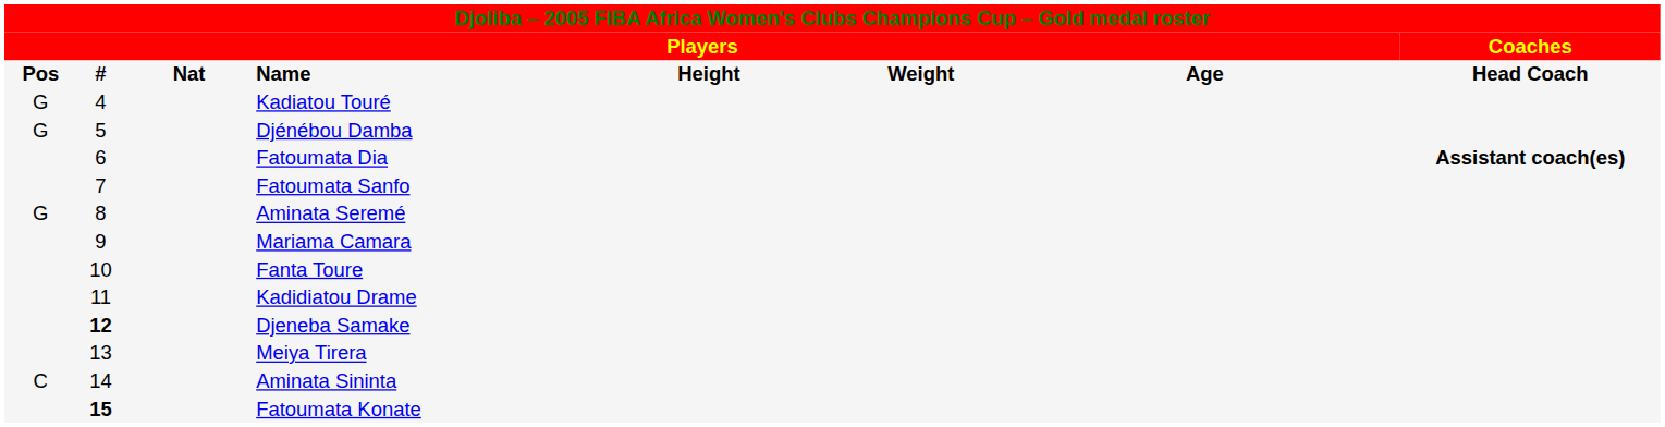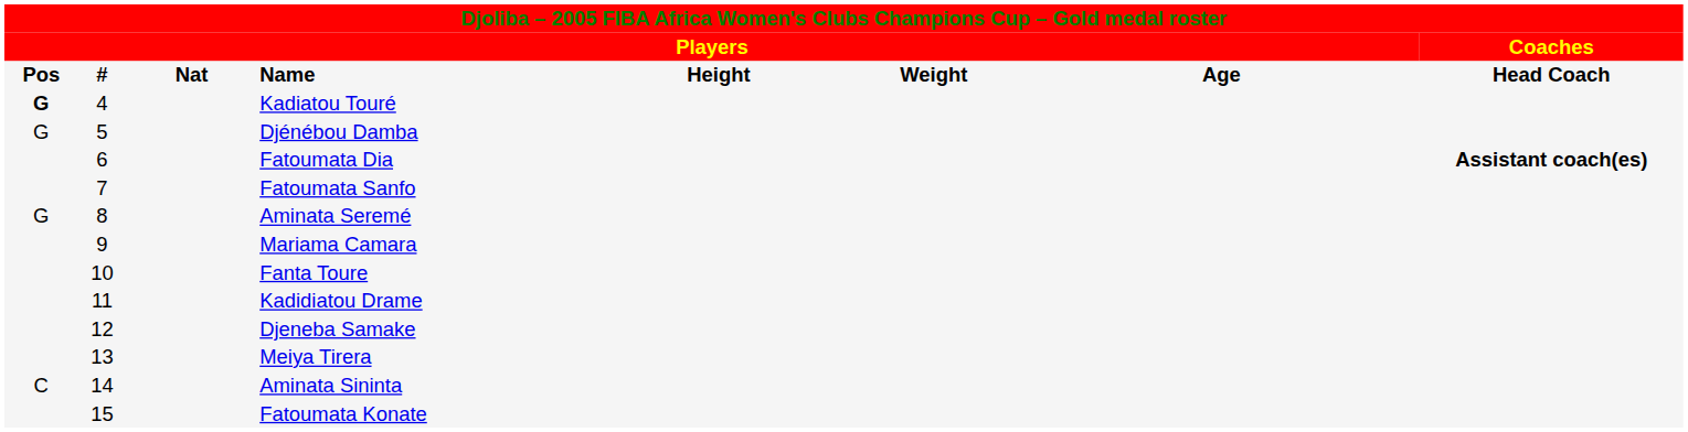 <table border=0 cellpadding=2 cellspacing=0  |- bgcolor=#f5f5f5 style="text-align:center; font-size:90%;" width=75%>
 <tr>
 <td colspan="8" style="background: red; color: green"><strong>Djoliba – 2005 FIBA Africa Women's Clubs Champions Cup – Gold medal roster</strong></td>
 </tr>
 <tr>
 <td colspan="7" style="background: red; color: yellow"><strong>Players</strong></td>
 <td style="background: red; color: yellow"><strong>Coaches</strong></td>
 </tr>
 <tr style="background=#f5f5f5; color: black">
 <th width=5px>Pos</th>
 <th width=5px>#</th>
 <th width=50px>Nat</th>
 <th width=135px align=left>Name</th>
 <th width=100px>Height</th>
 <th width=70px>Weight</th>
 <th width=160px>Age</th>
 <th width=105px>Head Coach</th>
 </tr>
 <tr>
-<td>G</td>
+<td><strong>G</strong></td>
 <td>4</td>
 <td></td>
 <td align=left><a href='#'>Kadiatou Touré</a></td>
 <td><span></span></td>
 <td></td>
 <td><span></span></td>
 <td> <a href='#'></a></td>
 </tr>
 <tr>
 <td>G</td>
 <td>5</td>
 <td></td>
 <td align=left><a href='#'>Djénébou Damba</a></td>
 <td><span></span></td>
 <td></td>
 <td><span></span></td>
 </tr>
 <tr>
 <td></td>
 <td>6</td>
 <td></td>
 <td align=left><a href='#'>Fatoumata Dia</a></td>
 <td></td>
 <td></td>
 <td><span></span></td>
 <td><strong>Assistant coach(es)</strong></td>
 </tr>
 <tr>
 <td></td>
 <td>7</td>
 <td></td>
 <td align=left><a href='#'>Fatoumata Sanfo</a></td>
 <td></td>
 <td></td>
 <td><span></span></td>
 <td></td>
 </tr>
 <tr>
 <td>G</td>
 <td>8</td>
 <td></td>
 <td align=left><a href='#'>Aminata Seremé</a></td>
 <td><span></span></td>
 <td></td>
 <td><span></span></td>
 <td></td>
 </tr>
 <tr>
 <td></td>
 <td>9</td>
 <td></td>
 <td align=left><a href='#'>Mariama Camara</a></td>
 <td></td>
 <td></td>
 <td><span></span></td>
 </tr>
 <tr>
 <td></td>
 <td>10</td>
 <td></td>
 <td align=left><a href='#'>Fanta Toure</a></td>
 <td></td>
 <td></td>
 <td><span></span></td>
 </tr>
 <tr>
 <td></td>
 <td>11</td>
 <td></td>
 <td align=left><a href='#'>Kadidiatou Drame</a></td>
 <td></td>
 <td></td>
 <td><span></span></td>
 </tr>
 <tr>
 <td></td>
-<td><strong>12</strong></td>
+<td>12</td>
 <td></td>
 <td align=left><a href='#'>Djeneba Samake</a></td>
 <td></td>
 <td></td>
 <td><span></span></td>
 </tr>
 <tr>
 <td></td>
 <td>13</td>
 <td></td>
 <td align=left><a href='#'>Meiya Tirera</a></td>
 <td></td>
 <td></td>
 <td><span></span></td>
 </tr>
 <tr>
 <td>C</td>
 <td>14</td>
 <td></td>
 <td align=left><a href='#'>Aminata Sininta</a></td>
 <td><span></span></td>
 <td></td>
 <td><span></span></td>
 </tr>
 <tr>
 <td></td>
-<td><strong>15</strong></td>
+<td>15</td>
 <td></td>
 <td align=left><a href='#'>Fatoumata Konate</a></td>
 <td></td>
 <td></td>
 <td><span></span></td>
 </tr>
 </table>
